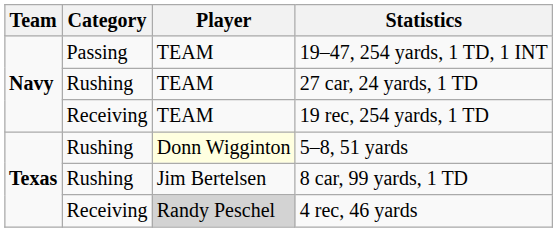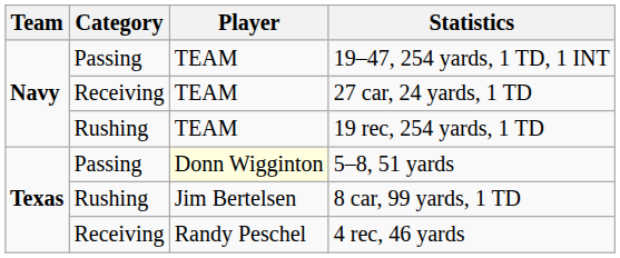 <table class="wikitable" style="float: right;">
 <tr>
 <th>Team</th>
 <th>Category</th>
 <th>Player</th>
 <th>Statistics</th>
 </tr>
 <tr>
 <td rowspan=3><strong>Navy</strong></td>
 <td>Passing</td>
 <td>TEAM</td>
 <td>19–47, 254 yards, 1 TD, 1 INT</td>
 </tr>
 <tr>
-<td>Rushing</td>
+<td>Receiving</td>
 <td>TEAM</td>
 <td>27 car, 24 yards, 1 TD</td>
 </tr>
 <tr>
-<td>Receiving</td>
+<td>Rushing</td>
 <td>TEAM</td>
 <td>19 rec, 254 yards, 1 TD</td>
 </tr>
 <tr>
 <td rowspan=3><strong>Texas</strong></td>
-<td>Rushing</td>
+<td>Passing</td>
 <td style="background: lightyellow;">Donn Wigginton</td>
 <td>5–8, 51 yards</td>
 </tr>
 <tr>
 <td>Rushing</td>
 <td>Jim Bertelsen</td>
 <td>8 car, 99 yards, 1 TD</td>
 </tr>
 <tr>
 <td>Receiving</td>
-<td style="background: lightgrey;">Randy Peschel</td>
+<td>Randy Peschel</td>
 <td>4 rec, 46 yards</td>
 </tr>
 </table>
